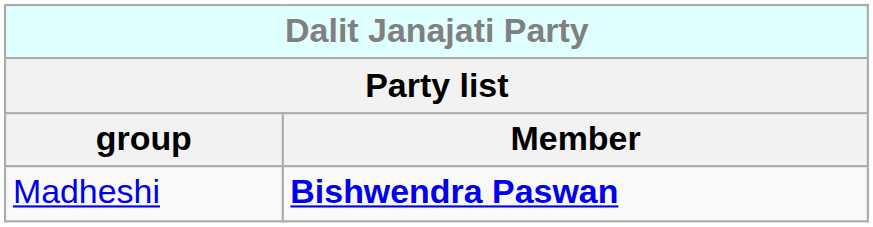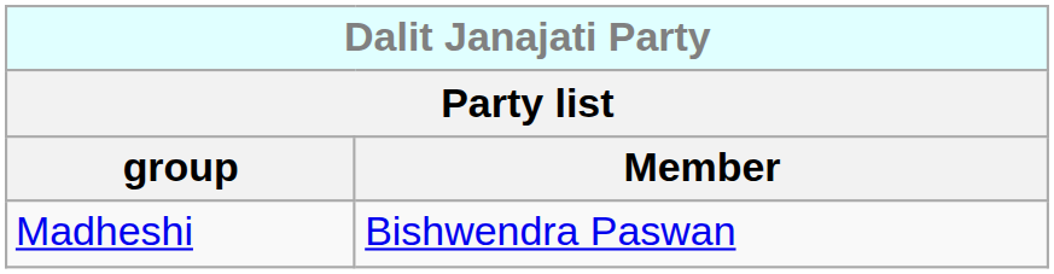 <table role="presentation" class="wikitable mw-collapsible mw-collapsed">
 <tr>
 <th colspan="2" style="width: 300pt; background:#E0FFFF; color: grey;">Dalit Janajati Party</th>
 </tr>
 <tr>
 <th colspan="2">Party list</th>
 </tr>
 <tr>
 <th> group</th>
 <th>Member</th>
 </tr>
 <tr>
 <td><a href='#'>Madheshi</a></td>
-<td><strong><a href='#'>Bishwendra Paswan</a></strong></td>
+<td><a href='#'>Bishwendra Paswan</a></td>
 </tr>
 </table>
